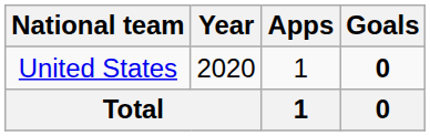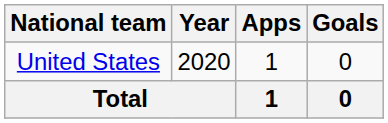 <table class=wikitable style=text-align:center>
 <tr>
 <th>National team</th>
 <th>Year</th>
 <th>Apps</th>
 <th>Goals</th>
 </tr>
 <tr>
 <td><a href='#'>United States</a></td>
 <td>2020</td>
 <td>1</td>
-<td><strong>0</strong></td>
+<td>0</td>
 </tr>
 <tr>
 <th colspan=2>Total</th>
 <th>1</th>
 <th>0</th>
 </tr>
 </table>
